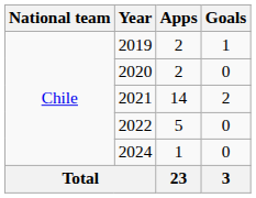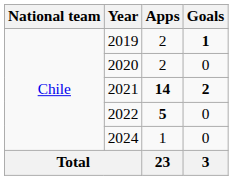 <table class=wikitable style=text-align:center>
 <tr>
 <th>National team</th>
 <th>Year</th>
 <th>Apps</th>
 <th>Goals</th>
 </tr>
 <tr>
 <td rowspan="5"><a href='#'>Chile</a></td>
 <td>2019</td>
 <td>2</td>
-<td>1</td>
+<td><strong>1</strong></td>
 </tr>
 <tr>
 <td>2020</td>
 <td>2</td>
 <td>0</td>
 </tr>
 <tr>
 <td>2021</td>
-<td>14</td>
-<td>2</td>
+<td><strong>14</strong></td>
+<td><strong>2</strong></td>
 </tr>
 <tr>
 <td>2022</td>
-<td>5</td>
+<td><strong>5</strong></td>
 <td>0</td>
 </tr>
 <tr>
 <td>2024</td>
 <td>1</td>
 <td>0</td>
 </tr>
 <tr>
 <th colspan="2">Total</th>
 <th>23</th>
 <th>3</th>
 </tr>
 </table>
